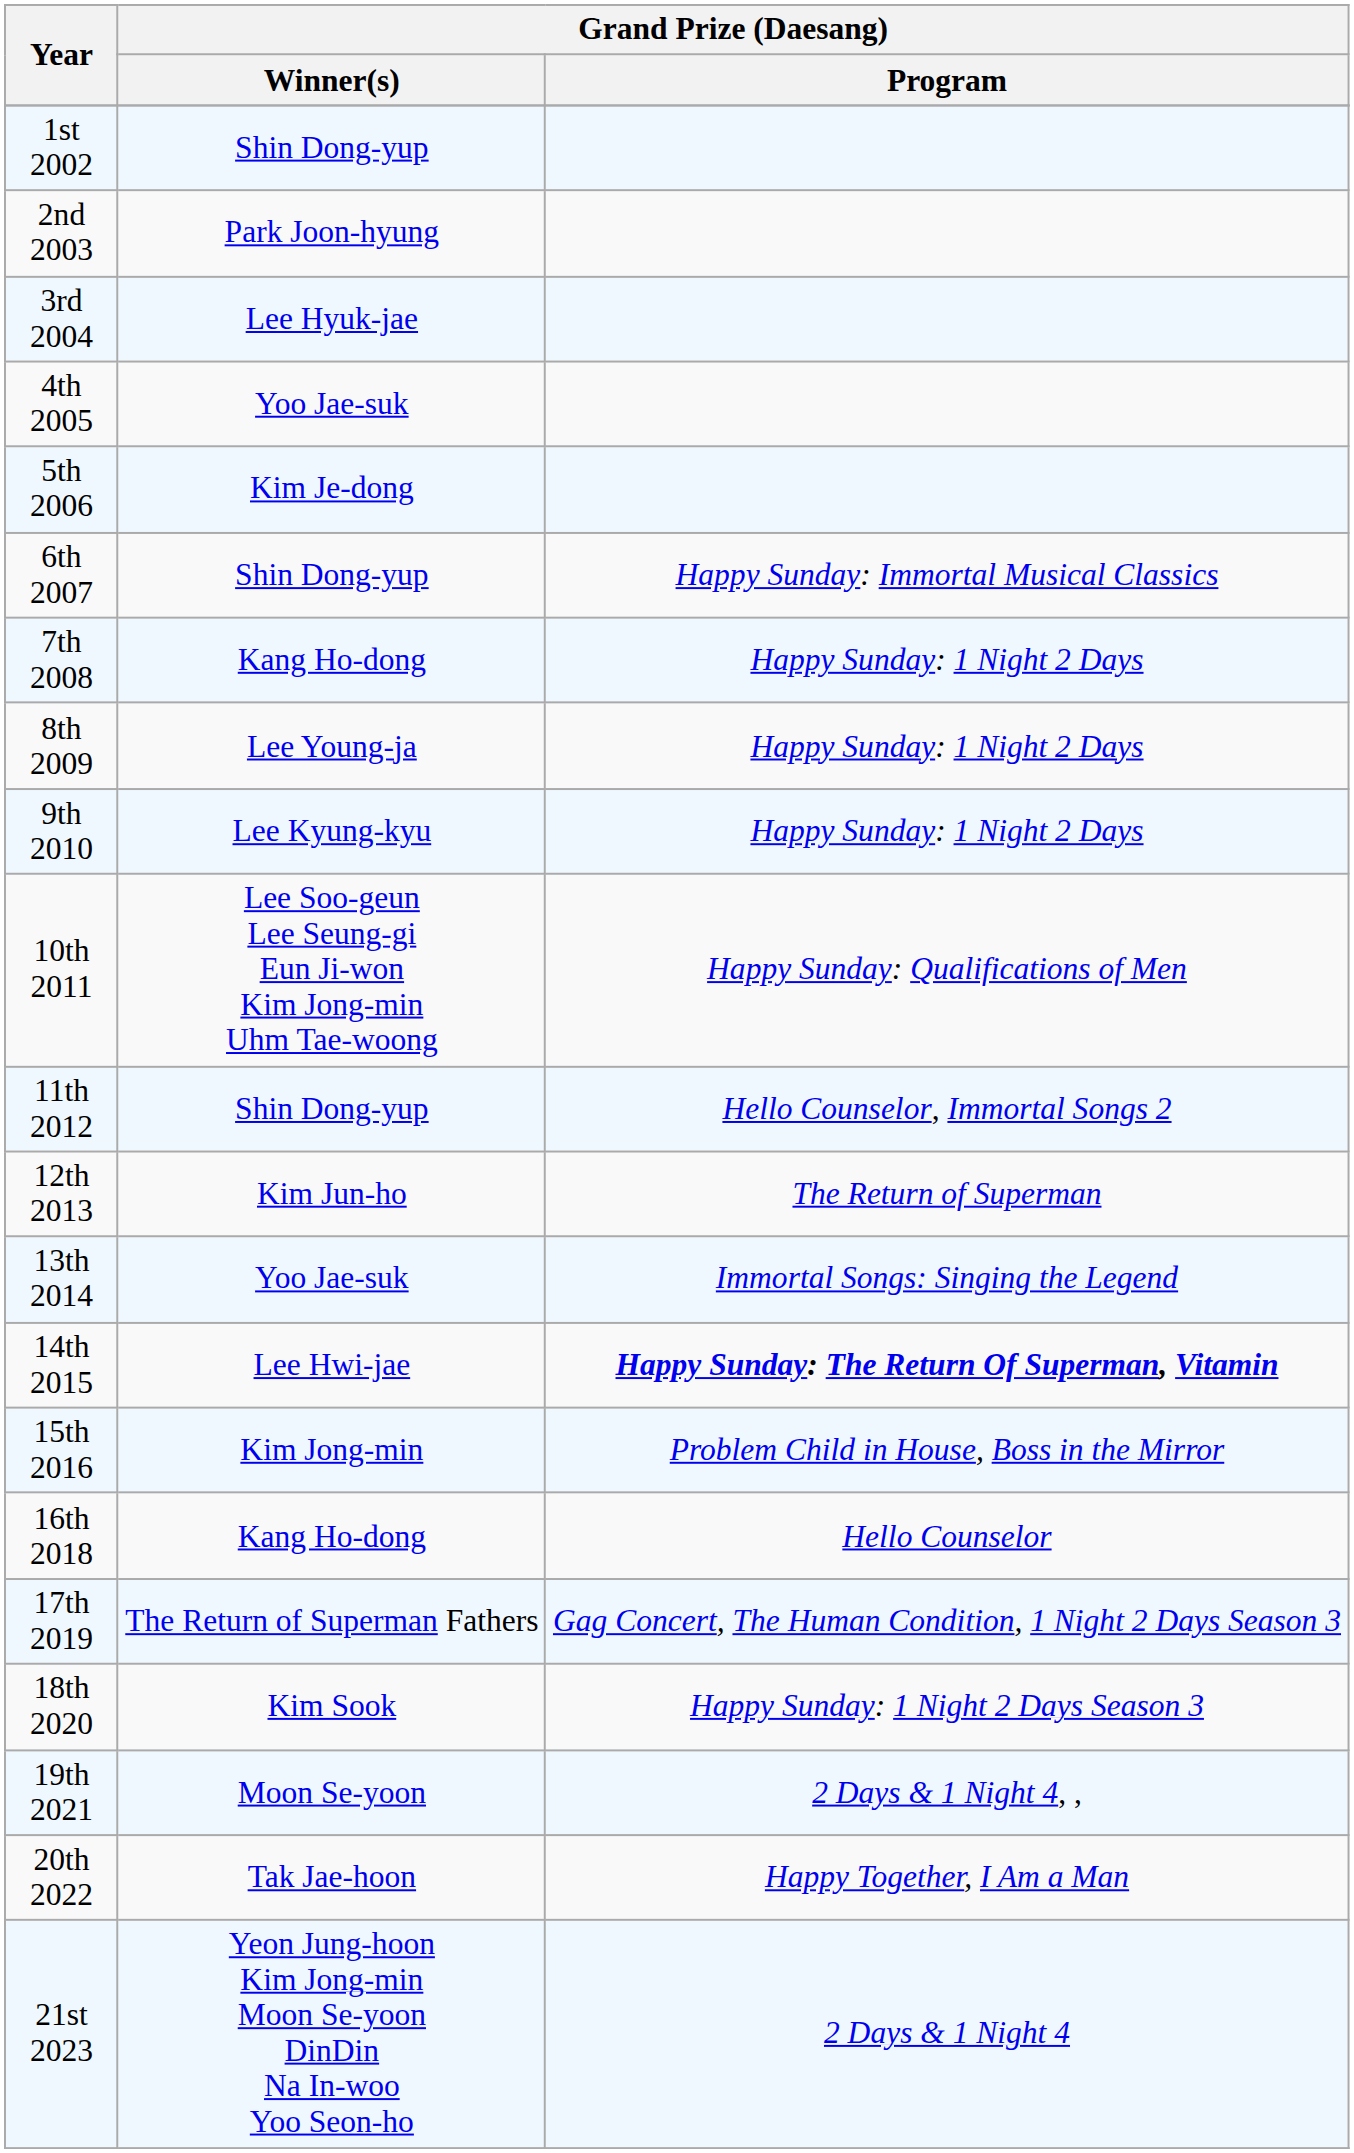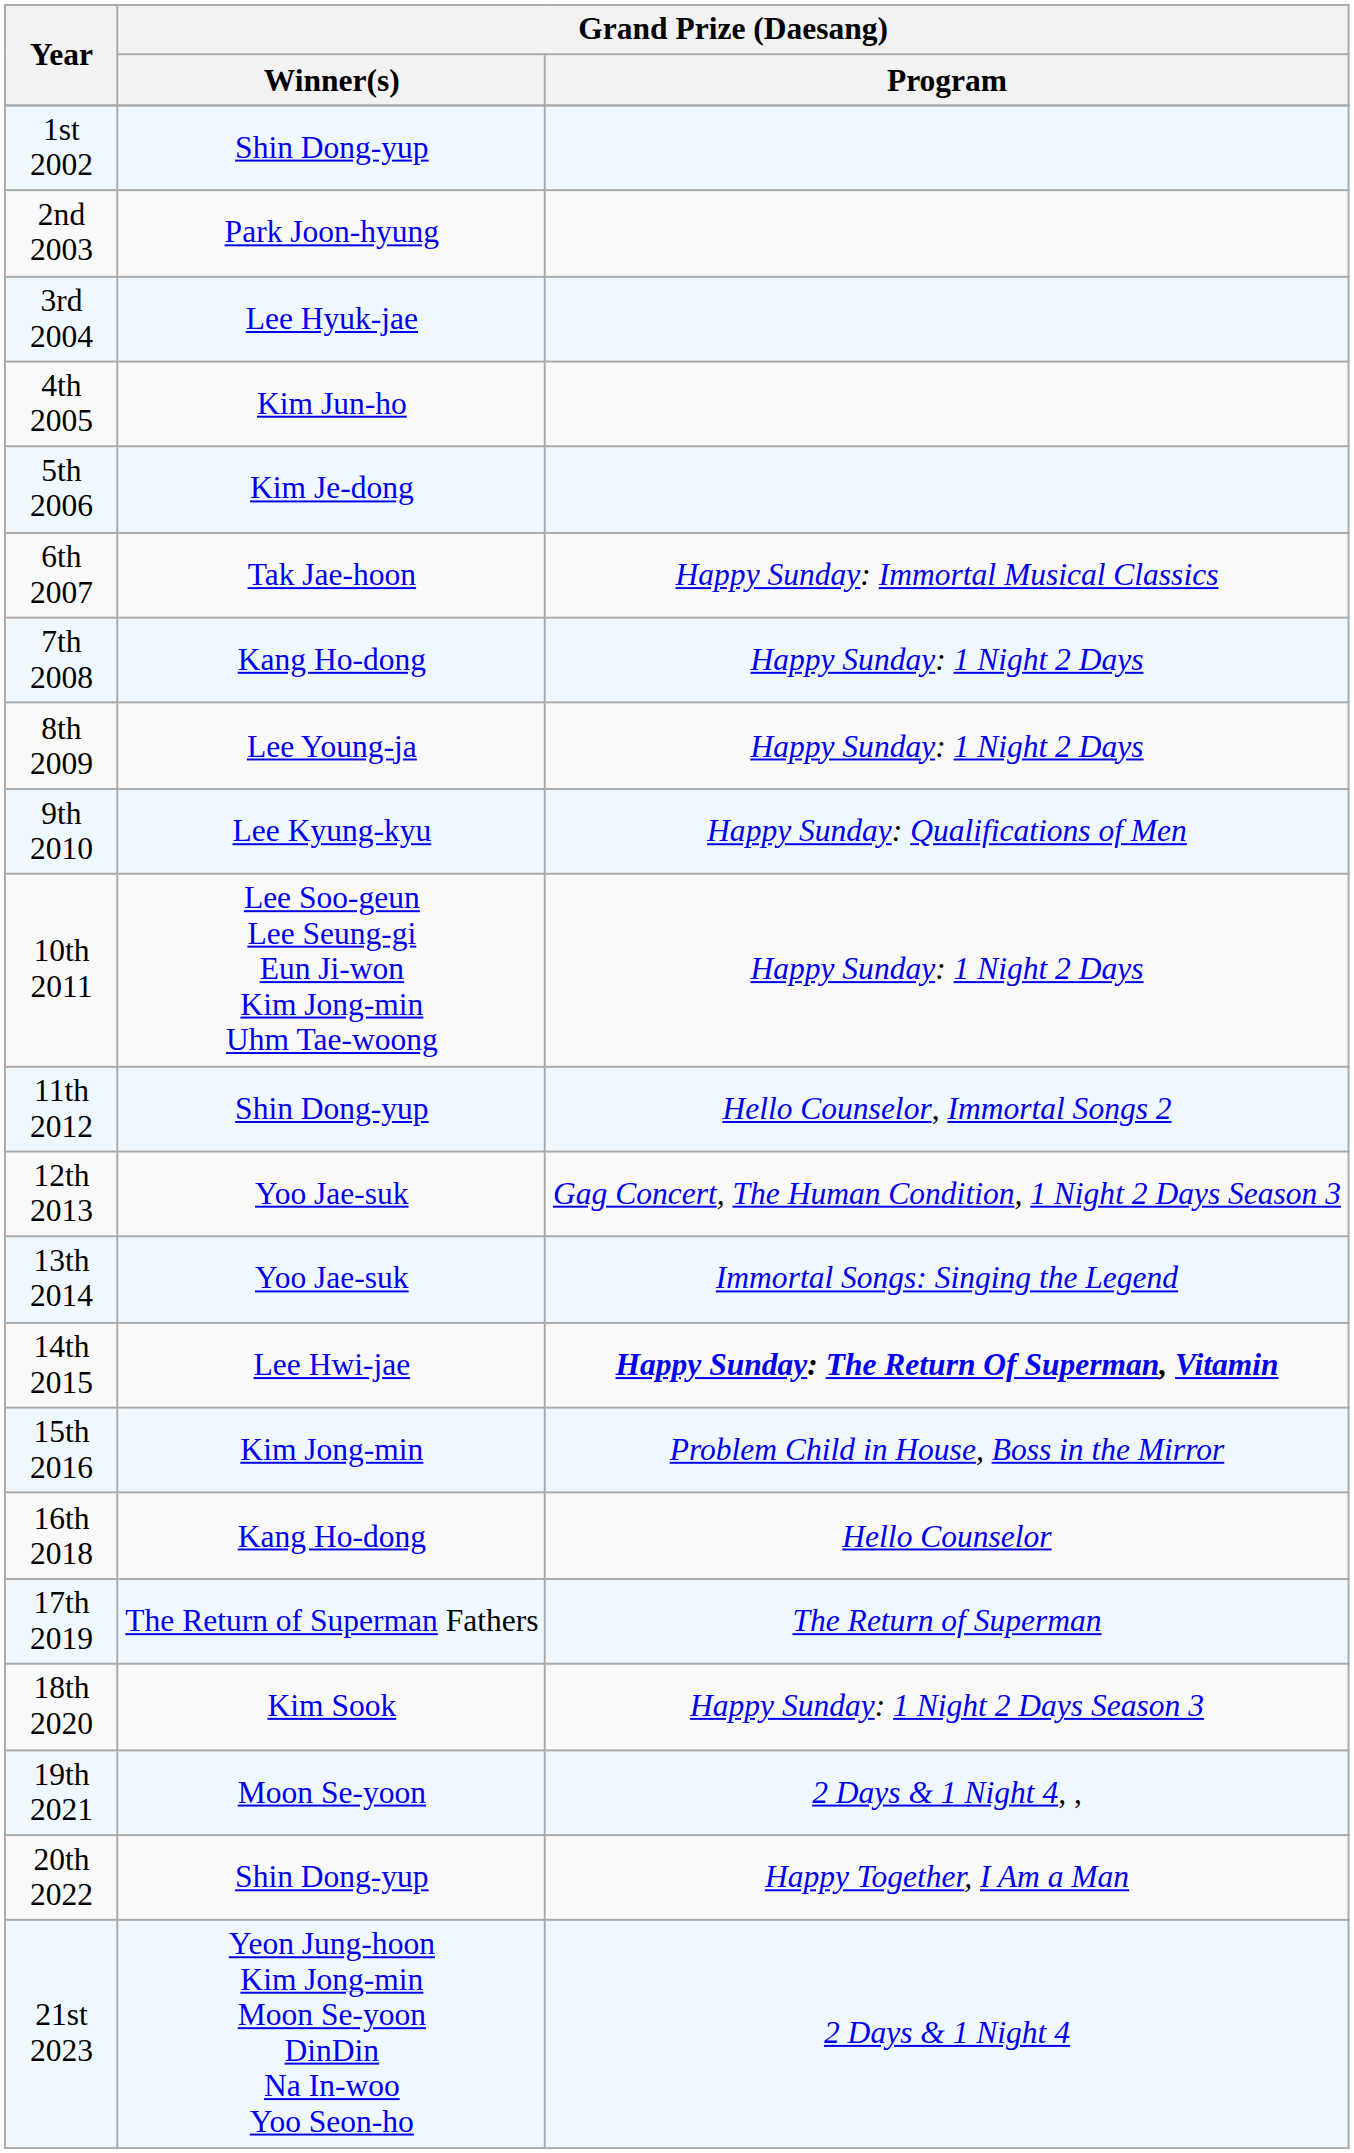 <table class="wikitable" style=text-align:center>
 <tr>
 <th rowspan=2 style="width:50px">Year</th>
 <th colspan=2 style="width:400px">Grand Prize (Daesang)</th>
 </tr>
 <tr>
 <th>Winner(s)</th>
 <th>Program</th>
 </tr>
 <tr>
 </tr>
 <tr style="background:#F0F8FF">
 <td>1st<br> 2002</td>
 <td><a href='#'>Shin Dong-yup</a></td>
 <td></td>
 </tr>
 <tr>
 <td>2nd<br> 2003</td>
 <td><a href='#'>Park Joon-hyung</a></td>
 <td></td>
 </tr>
 <tr style="background:#F0F8FF">
 <td>3rd<br> 2004</td>
 <td><a href='#'>Lee Hyuk-jae</a></td>
 <td></td>
 </tr>
 <tr>
 <td>4th<br> 2005</td>
-<td><a href='#'>Yoo Jae-suk</a></td>
+<td><a href='#'>Kim Jun-ho</a></td>
 <td></td>
 </tr>
 <tr style="background:#F0F8FF">
 <td>5th<br> 2006</td>
 <td><a href='#'>Kim Je-dong</a></td>
 <td></td>
 </tr>
 <tr>
 <td>6th<br> 2007</td>
-<td><a href='#'>Shin Dong-yup</a></td>
+<td><a href='#'>Tak Jae-hoon</a></td>
 <td><em><a href='#'>Happy Sunday</a>: <a href='#'>Immortal Musical Classics</a></em></td>
 </tr>
 <tr style="background:#F0F8FF">
 <td>7th<br> 2008</td>
 <td><a href='#'>Kang Ho-dong</a></td>
 <td><em><a href='#'>Happy Sunday</a>: <a href='#'>1 Night 2 Days</a></em></td>
 </tr>
 <tr>
 <td>8th<br> 2009</td>
 <td><a href='#'>Lee Young-ja</a></td>
 <td><em><a href='#'>Happy Sunday</a>: <a href='#'>1 Night 2 Days</a></em></td>
 </tr>
 <tr style="background:#F0F8FF">
 <td>9th<br> 2010</td>
 <td><a href='#'>Lee Kyung-kyu</a></td>
-<td><em><a href='#'>Happy Sunday</a>: <a href='#'>1 Night 2 Days</a></em></td>
+<td><em><a href='#'>Happy Sunday</a>: <a href='#'>Qualifications of Men</a></em></td>
 </tr>
 <tr>
 <td>10th<br> 2011</td>
 <td><a href='#'>Lee Soo-geun</a> <br> <a href='#'>Lee Seung-gi</a> <br> <a href='#'>Eun Ji-won</a> <br> <a href='#'>Kim Jong-min</a> <br> <a href='#'>Uhm Tae-woong</a></td>
-<td><em><a href='#'>Happy Sunday</a>: <a href='#'>Qualifications of Men</a></em></td>
+<td><em><a href='#'>Happy Sunday</a>: <a href='#'>1 Night 2 Days</a></em></td>
 </tr>
 <tr style="background:#F0F8FF">
 <td>11th<br> 2012</td>
 <td><a href='#'>Shin Dong-yup</a></td>
 <td><em><a href='#'>Hello Counselor</a></em>, <em><a href='#'>Immortal Songs 2</a></em></td>
 </tr>
 <tr>
 <td>12th<br> 2013</td>
-<td><a href='#'>Kim Jun-ho</a></td>
-<td><em><a href='#'>The Return of Superman</a></em></td>
+<td><a href='#'>Yoo Jae-suk</a></td>
+<td><em><a href='#'>Gag Concert</a>, <a href='#'>The Human Condition</a>, <a href='#'>1 Night 2 Days Season 3</a></em></td>
 </tr>
 <tr style="background:#F0F8FF">
 <td>13th<br> 2014</td>
 <td><a href='#'>Yoo Jae-suk</a></td>
 <td><em><a href='#'>Immortal Songs: Singing the Legend</a></em></td>
 </tr>
 <tr>
 <td>14th<br> 2015</td>
 <td><a href='#'>Lee Hwi-jae</a></td>
 <td><strong><em><a href='#'>Happy Sunday</a>: <a href='#'>The Return Of Superman</a>, <a href='#'>Vitamin</a></em></strong></td>
 </tr>
 <tr align=center style="background:#F0F8FF">
 <td>15th <br> 2016</td>
 <td><a href='#'>Kim Jong-min</a></td>
 <td><em><a href='#'>Problem Child in House</a>, <a href='#'>Boss in the Mirror</a></em></td>
 </tr>
 <tr>
 <td>16th <br> 2018</td>
 <td><a href='#'>Kang Ho-dong</a></td>
 <td><em><a href='#'>Hello Counselor</a></em></td>
 </tr>
 <tr style="background:#F0F8FF">
 <td>17th <br> 2019</td>
 <td><a href='#'>The Return of Superman</a> Fathers</td>
-<td><em><a href='#'>Gag Concert</a>, <a href='#'>The Human Condition</a>, <a href='#'>1 Night 2 Days Season 3</a></em></td>
+<td><em><a href='#'>The Return of Superman</a></em></td>
 </tr>
 <tr>
 <td>18th <br> 2020</td>
 <td><a href='#'>Kim Sook</a></td>
 <td><em><a href='#'>Happy Sunday</a>: <a href='#'>1 Night 2 Days Season 3</a></em></td>
 </tr>
 <tr style="background:#F0F8FF">
 <td>19th <br> 2021</td>
 <td><a href='#'>Moon Se-yoon</a></td>
 <td><em><a href='#'>2 Days & 1 Night 4</a></em>, <em></em>, <em></em></td>
 </tr>
 <tr>
 <td>20th <br> 2022</td>
-<td><a href='#'>Tak Jae-hoon</a></td>
+<td><a href='#'>Shin Dong-yup</a></td>
 <td><em><a href='#'>Happy Together</a>, <a href='#'>I Am a Man</a></em></td>
 </tr>
 <tr style="background:#F0F8FF">
 <td>21st <br> 2023</td>
 <td><a href='#'>Yeon Jung-hoon</a><br> <a href='#'>Kim Jong-min</a> <br> <a href='#'>Moon Se-yoon</a> <br> <a href='#'>DinDin</a> <br> <a href='#'>Na In-woo</a> <br> <a href='#'>Yoo Seon-ho</a></td>
 <td><em><a href='#'>2 Days & 1 Night 4</a></em></td>
 </tr>
 <tr>
 </tr>
 </table>
